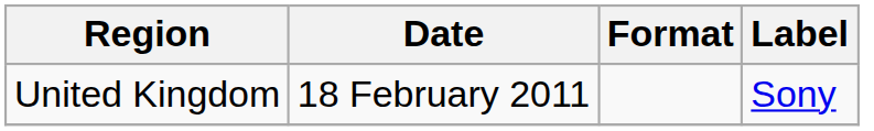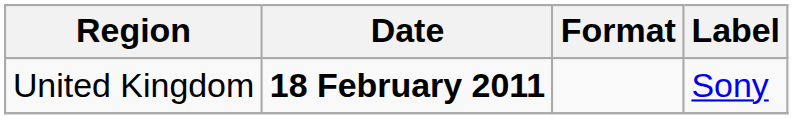 <table class=wikitable>
 <tr>
 <th>Region</th>
 <th>Date</th>
 <th>Format</th>
 <th>Label</th>
 </tr>
 <tr>
 <td>United Kingdom</td>
-<td>18 February 2011</td>
+<td><strong>18 February 2011</strong></td>
 <td></td>
 <td><a href='#'>Sony</a></td>
 </tr>
 <tr>
 </tr>
 </table>
